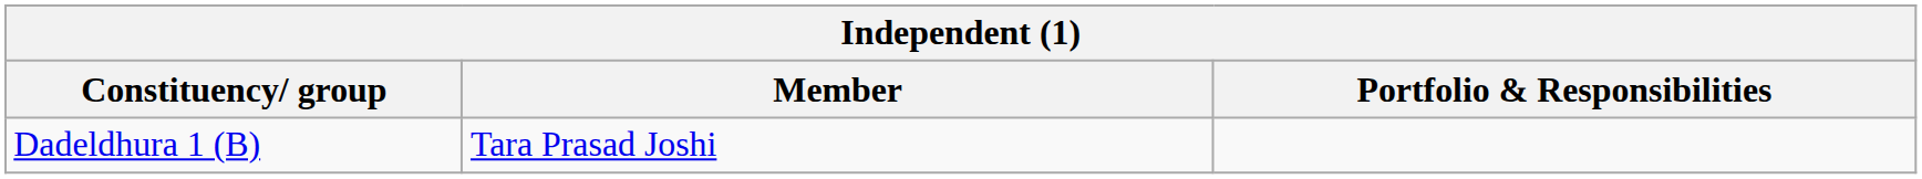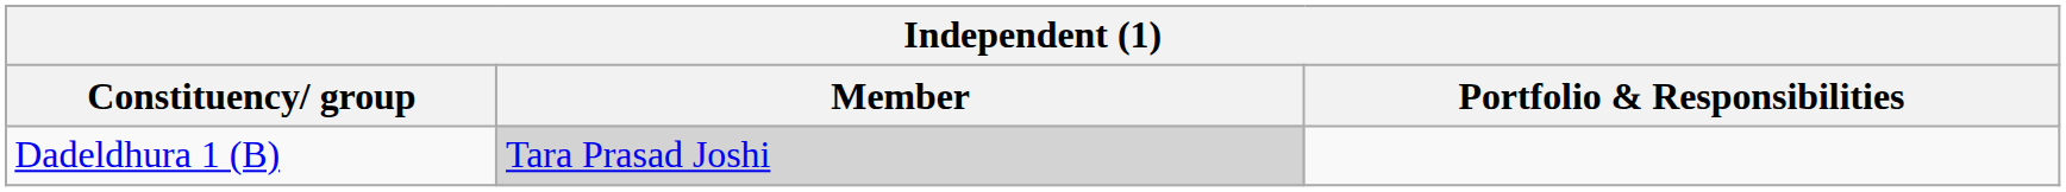 <table class="wikitable">
 <tr>
 <th colspan="3" style="width: 800pt; background:">Independent (1)</th>
 </tr>
 <tr>
 <th style="width:150pt;">Constituency/ group</th>
 <th style="width:250pt;">Member</th>
 <th>Portfolio & Responsibilities</th>
 </tr>
 <tr>
 <td><a href='#'>Dadeldhura 1 (B)</a></td>
-<td><a href='#'>Tara Prasad Joshi</a></td>
+<td style="background: lightgrey;"><a href='#'>Tara Prasad Joshi</a></td>
 <td></td>
 </tr>
 </table>
